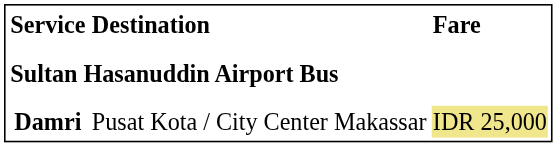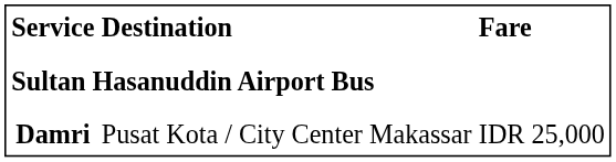 <table style="text-align:left; font-size:95%; border:1px solid black">
 <tr>
 <th>Service</th>
 <th>Destination</th>
 <th>Fare</th>
 </tr>
 <tr>
 <th colspan="3" style="color:black; height:35px;">Sultan Hasanuddin Airport Bus</th>
 </tr>
 <tr>
 <td style="color:black; text-align:center; font-weight:bold;">Damri</td>
 <td>Pusat Kota / City Center Makassar</td>
-<td style="background: khaki;">IDR 25,000</td>
+<td>IDR 25,000</td>
 </tr>
 </table>
